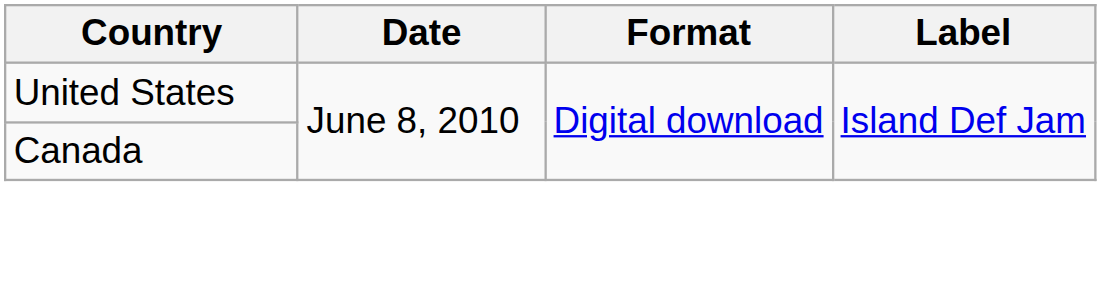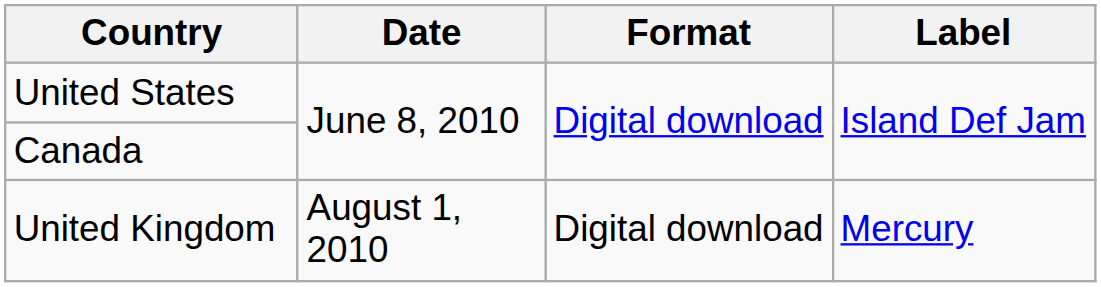 <table class="wikitable">
 <tr>
 <th style="width:120px;">Country</th>
 <th style="width:100px;">Date</th>
 <th>Format</th>
 <th>Label</th>
 </tr>
 <tr>
 <td>United States</td>
 <td rowspan="2">June 8, 2010</td>
 <td rowspan="2"><a href='#'>Digital download</a></td>
 <td rowspan="2"><a href='#'>Island Def Jam</a></td>
 </tr>
 <tr>
 <td>Canada</td>
 </tr>
+<tr>
+<td>United Kingdom</td>
+<td>August 1, 2010</td>
+<td>Digital download</td>
+<td><a href='#'>Mercury</a></td>
+</tr>
 </table>
